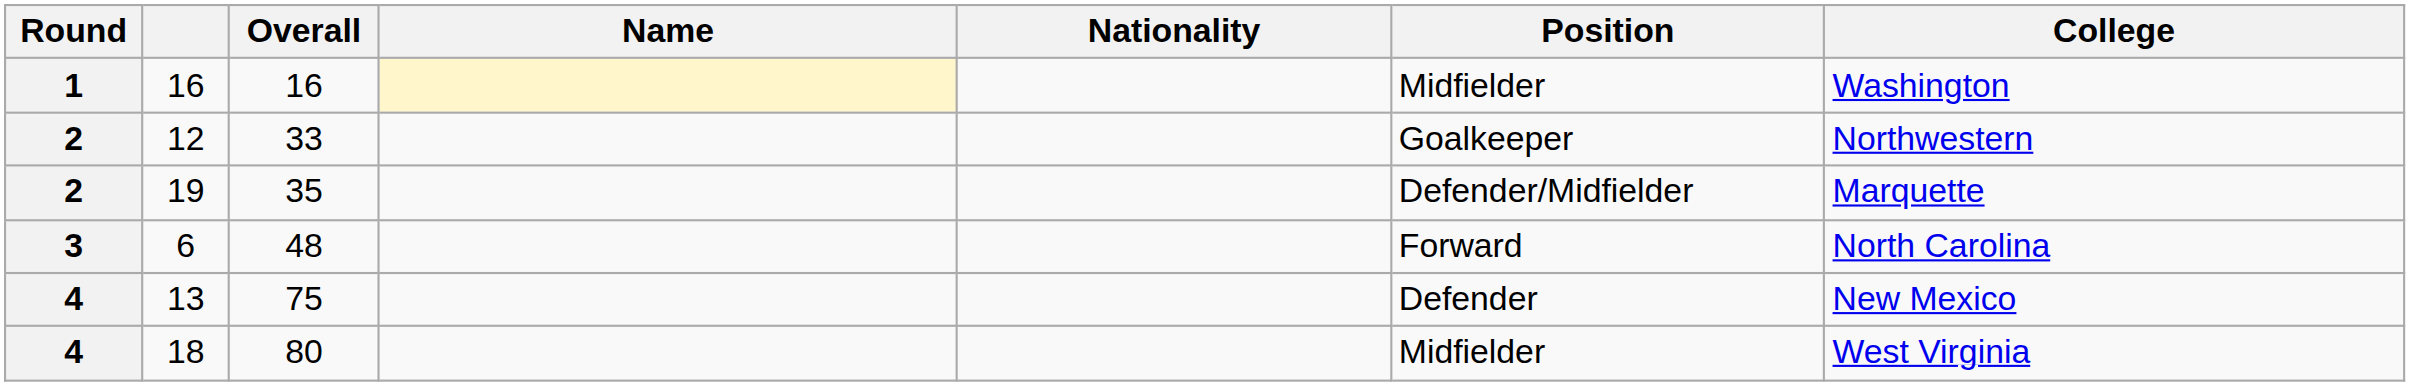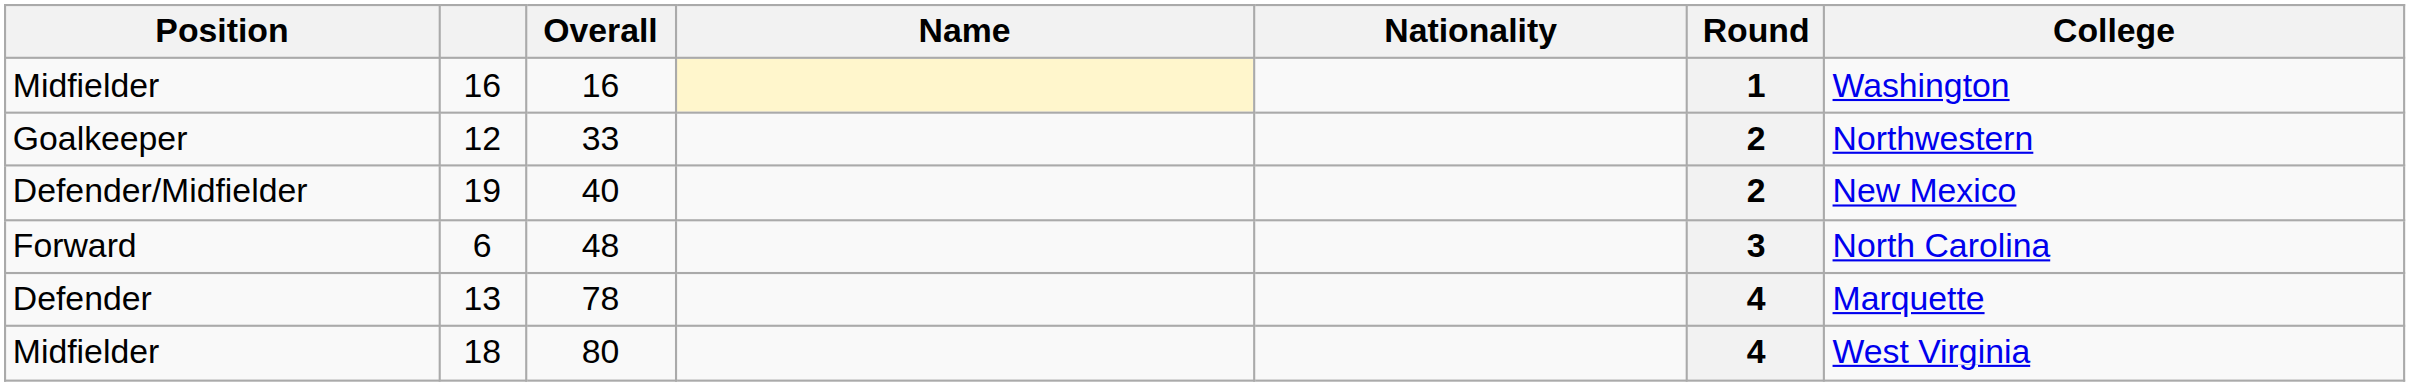 <table class="wikitable sortable" style="width:90%">
 <tr>
-<th scope="col" style="width: 3%;">Round</th>
+<th scope="col" style="width: 15%;">Position</th>
 <th scope="col" style="width: 3%;"></th>
 <th scope="col" style="width: 4%;">Overall</th>
 <th scope="col" style="width: 20%;">Name</th>
 <th scope="col" style="width: 15%;">Nationality</th>
-<th scope="col" style="width: 15%;">Position</th>
+<th scope="col" style="width: 3%;">Round</th>
 <th scope="col" style="width: 20%;">College</th>
 </tr>
 <tr>
-<th scope="row">1</th>
+<td>Midfielder</td>
 <td align="center">16</td>
 <td align="center">16</td>
 <td style="background-color:#fff6cc;"> </td>
 <td></td>
-<td>Midfielder</td>
+<th scope="row">1</th>
 <td><a href='#'>Washington</a></td>
 </tr>
 <tr>
-<th scope="row">2</th>
+<td>Goalkeeper</td>
 <td align="center">12</td>
 <td align="center">33</td>
 <td></td>
 <td></td>
-<td>Goalkeeper</td>
+<th scope="row">2</th>
 <td><a href='#'>Northwestern</a></td>
 </tr>
 <tr>
-<th scope="row">2</th>
+<td>Defender/Midfielder</td>
 <td align="center">19</td>
-<td align="center">35</td>
+<td align="center">40</td>
 <td></td>
 <td></td>
-<td>Defender/Midfielder</td>
-<td><a href='#'>Marquette</a></td>
+<th scope="row">2</th>
+<td><a href='#'>New Mexico</a></td>
 </tr>
 <tr>
-<th scope="row">3</th>
+<td>Forward</td>
 <td align="center">6</td>
 <td align="center">48</td>
 <td></td>
 <td></td>
-<td>Forward</td>
+<th scope="row">3</th>
 <td><a href='#'>North Carolina</a></td>
 </tr>
 <tr>
-<th scope="row">4</th>
+<td>Defender</td>
 <td align="center">13</td>
-<td align="center">75</td>
+<td align="center">78</td>
 <td></td>
 <td></td>
-<td>Defender</td>
-<td><a href='#'>New Mexico</a></td>
+<th scope="row">4</th>
+<td><a href='#'>Marquette</a></td>
 </tr>
 <tr>
-<th scope="row">4</th>
+<td>Midfielder</td>
 <td align="center">18</td>
 <td align="center">80</td>
 <td></td>
 <td></td>
-<td>Midfielder</td>
+<th scope="row">4</th>
 <td><a href='#'>West Virginia</a></td>
 </tr>
 </table>
